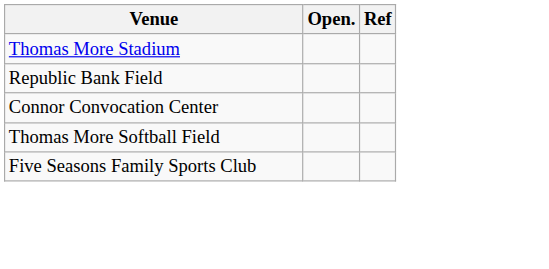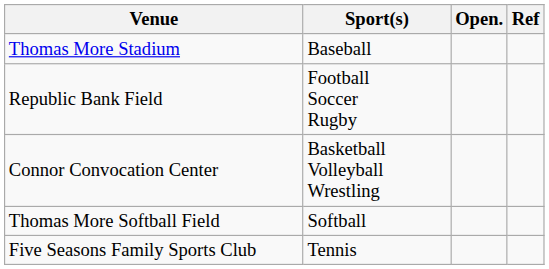 <table class="wikitable"; style= "text-align: ">
 <tr>
 <th width=250px>Venue</th>
+<th width=120px>Sport(s)</th>
 <th width=px>Open.</th>
 <th width=px>Ref</th>
 </tr>
 <tr>
 <td><a href='#'>Thomas More Stadium</a></td>
+<td>Baseball</td>
 <td></td>
 <td></td>
 </tr>
 <tr>
 <td>Republic Bank Field</td>
+<td>Football <br> Soccer <br> Rugby</td>
 <td></td>
 <td></td>
 </tr>
 <tr>
 <td>Connor Convocation Center</td>
+<td>Basketball <br> Volleyball <br> Wrestling</td>
 <td></td>
 <td></td>
 </tr>
 <tr>
 <td>Thomas More Softball Field</td>
+<td>Softball</td>
 <td></td>
 <td></td>
 </tr>
 <tr>
 <td>Five Seasons Family Sports Club</td>
+<td>Tennis</td>
 <td></td>
 <td></td>
 </tr>
 </table>
